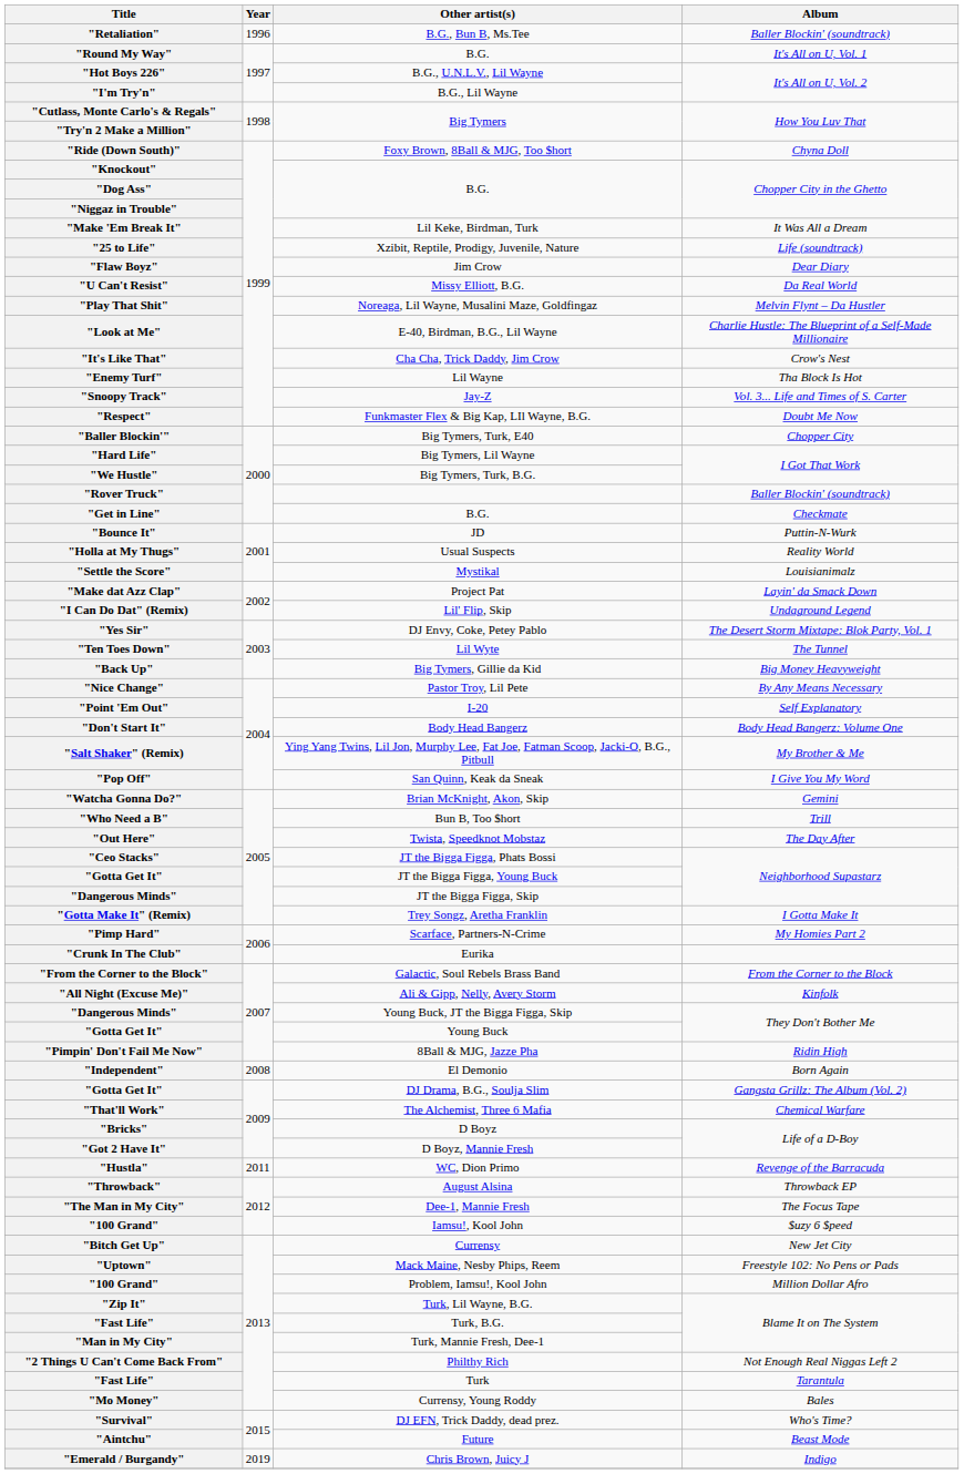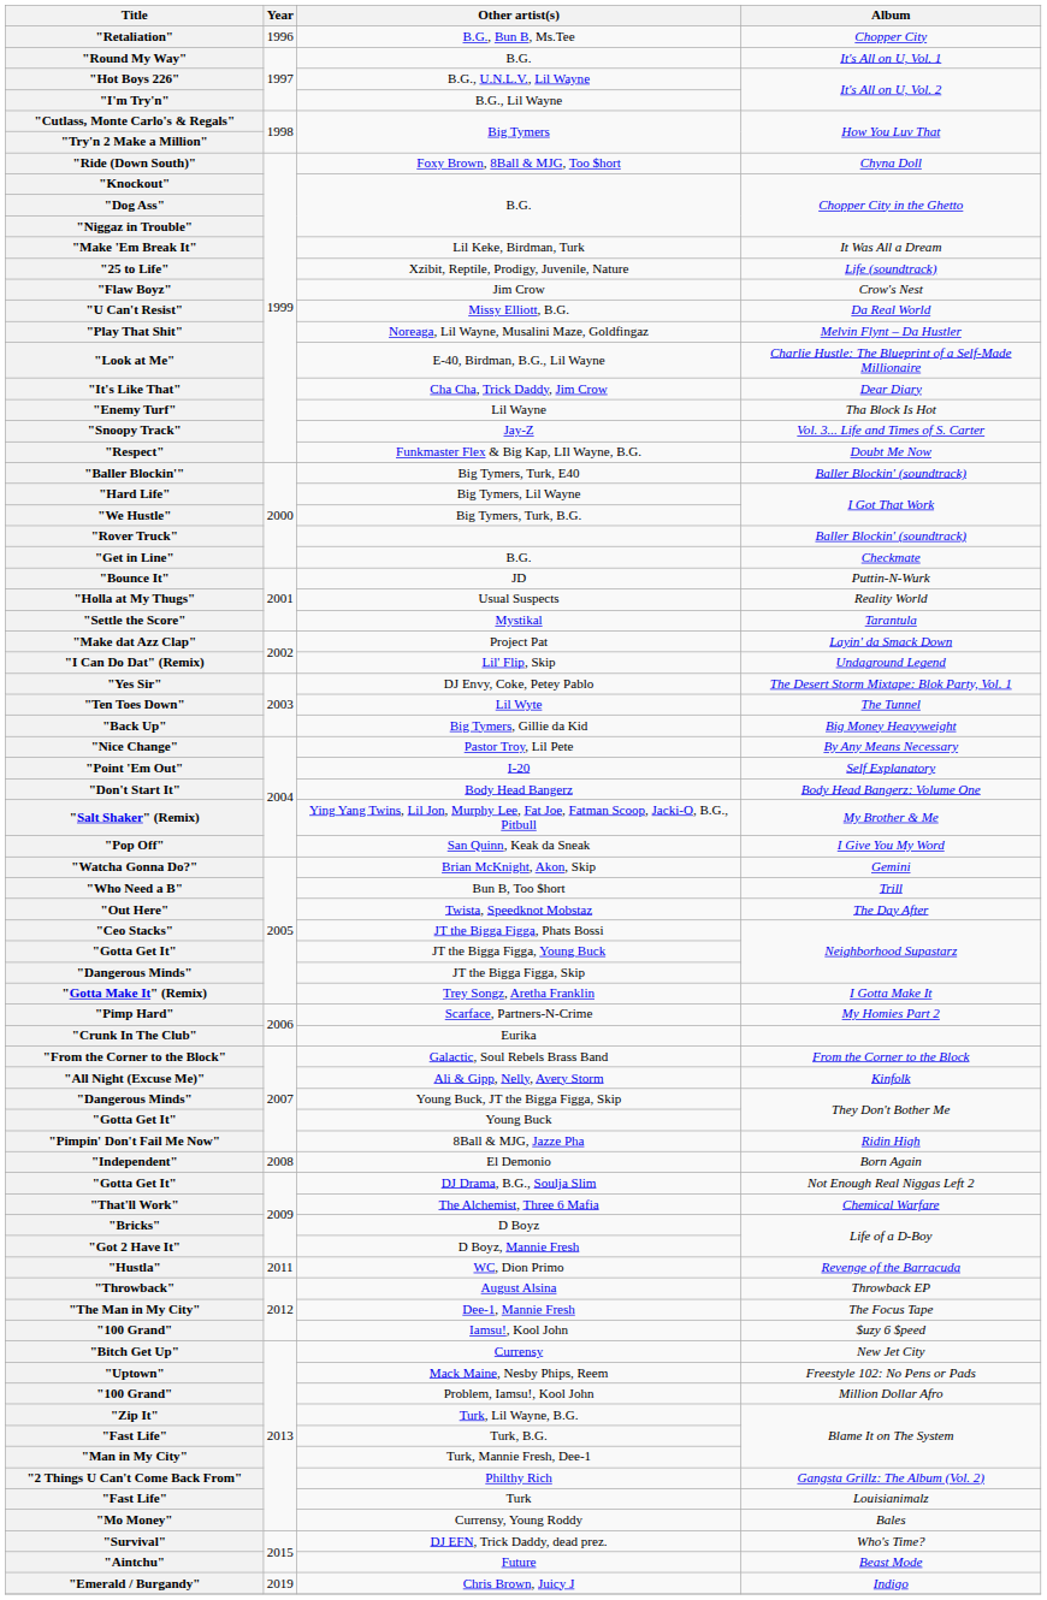 <table class="wikitable plainrowheaders" style="text-align:center;" border="1">
 <tr>
 <th scope="col" style="width:19em;">Title</th>
 <th scope="col">Year</th>
 <th scope="col">Other artist(s)</th>
 <th scope="col">Album</th>
 </tr>
 <tr>
 <th scope="row">"Retaliation"</th>
 <td>1996</td>
 <td><a href='#'>B.G.</a>, <a href='#'>Bun B</a>, Ms.Tee</td>
-<td><a href='#'><em>Baller Blockin' (soundtrack)</em></a></td>
+<td><em><a href='#'>Chopper City</a></em></td>
 </tr>
 <tr>
 <th scope="row">"Round My Way"</th>
 <td rowspan="3">1997</td>
 <td>B.G.</td>
 <td><em><a href='#'>It's All on U, Vol. 1</a></em></td>
 </tr>
 <tr>
 <th scope="row">"Hot Boys 226"</th>
 <td>B.G., <a href='#'>U.N.L.V.</a>, <a href='#'>Lil Wayne</a></td>
 <td rowspan="2"><em><a href='#'>It's All on U, Vol. 2</a></em></td>
 </tr>
 <tr>
 <th scope="row">"I'm Try'n"</th>
 <td>B.G., Lil Wayne</td>
 </tr>
 <tr>
 <th scope="row">"Cutlass, Monte Carlo's & Regals"</th>
 <td rowspan="2">1998</td>
 <td rowspan="2"><a href='#'>Big Tymers</a></td>
 <td rowspan="2"><em><a href='#'>How You Luv That</a></em></td>
 </tr>
 <tr>
 <th scope="row">"Try'n 2 Make a Million"</th>
 </tr>
 <tr>
 <th scope="row">"Ride (Down South)"</th>
 <td rowspan="14">1999</td>
 <td><a href='#'>Foxy Brown</a>, <a href='#'>8Ball & MJG</a>, <a href='#'>Too $hort</a></td>
 <td><em><a href='#'>Chyna Doll</a></em></td>
 </tr>
 <tr>
 <th scope="row">"Knockout"</th>
 <td rowspan="3">B.G.</td>
 <td rowspan="3"><em><a href='#'>Chopper City in the Ghetto</a></em></td>
 </tr>
 <tr>
 <th>"Dog Ass"</th>
 </tr>
 <tr>
 <th scope="row">"Niggaz in Trouble"</th>
 </tr>
 <tr>
 <th>"Make 'Em Break It"</th>
 <td>Lil Keke, Birdman, Turk</td>
 <td><em>It Was All a Dream</em></td>
 </tr>
 <tr>
 <th>"25 to Life"</th>
 <td>Xzibit, Reptile, Prodigy, Juvenile, Nature</td>
 <td><em><a href='#'>Life (soundtrack)</a></em></td>
 </tr>
 <tr>
 <th>"Flaw Boyz"</th>
 <td>Jim Crow</td>
-<td><em><a href='#'>Dear Diary</a></em></td>
+<td><em>Crow's Nest</em></td>
 </tr>
 <tr>
 <th scope="row">"U Can't Resist"</th>
 <td><a href='#'>Missy Elliott</a>, B.G.</td>
 <td><em><a href='#'>Da Real World</a></em></td>
 </tr>
 <tr>
 <th scope="row">"Play That Shit"</th>
 <td><a href='#'>Noreaga</a>, Lil Wayne, Musalini Maze, Goldfingaz</td>
 <td><em><a href='#'>Melvin Flynt – Da Hustler</a></em></td>
 </tr>
 <tr>
 <th>"Look at Me"</th>
 <td>E-40, Birdman, B.G., Lil Wayne</td>
 <td><em><a href='#'>Charlie Hustle: The Blueprint of a Self-Made Millionaire</a></em></td>
 </tr>
 <tr>
 <th scope="row">"It's Like That"</th>
 <td><a href='#'>Cha Cha</a>, <a href='#'>Trick Daddy</a>, <a href='#'>Jim Crow</a></td>
-<td><em>Crow's Nest</em></td>
+<td><em><a href='#'>Dear Diary</a></em></td>
 </tr>
 <tr>
 <th>"Enemy Turf"</th>
 <td>Lil Wayne</td>
 <td><em>Tha Block Is Hot</em></td>
 </tr>
 <tr>
 <th scope="row">"Snoopy Track"</th>
 <td><a href='#'>Jay-Z</a></td>
 <td><em><a href='#'>Vol. 3... Life and Times of S. Carter</a></em></td>
 </tr>
 <tr>
 <th>"Respect"</th>
 <td><a href='#'>Funkmaster Flex</a> & Big Kap, LIl Wayne, B.G.</td>
 <td><em><a href='#'>Doubt Me Now</a></em></td>
 </tr>
 <tr>
 <th>"Baller Blockin'"</th>
 <td rowspan="5">2000</td>
 <td>Big Tymers, Turk, E40</td>
-<td><em><a href='#'>Chopper City</a></em></td>
+<td><a href='#'><em>Baller Blockin' (soundtrack)</em></a></td>
 </tr>
 <tr>
 <th>"Hard Life"</th>
 <td>Big Tymers, Lil Wayne</td>
 <td rowspan="2"><em><a href='#'>I Got That Work</a></em></td>
 </tr>
 <tr>
 <th>"We Hustle"</th>
 <td>Big Tymers, Turk, B.G.</td>
 </tr>
 <tr>
 <th>"Rover Truck"</th>
 <td></td>
 <td><em><a href='#'>Baller Blockin' (soundtrack)</a></em></td>
 </tr>
 <tr>
 <th scope="row">"Get in Line"</th>
 <td>B.G.</td>
 <td><em><a href='#'>Checkmate</a></em></td>
 </tr>
 <tr>
 <th scope="row">"Bounce It"</th>
 <td rowspan="3">2001</td>
 <td>JD</td>
 <td><em>Puttin-N-Wurk</em></td>
 </tr>
 <tr>
 <th scope="row">"Holla at My Thugs"</th>
 <td>Usual Suspects</td>
 <td><em>Reality World</em></td>
 </tr>
 <tr>
 <th>"Settle the Score"</th>
 <td><a href='#'>Mystikal</a></td>
-<td><em>Louisianimalz</em></td>
+<td><a href='#'><em>Tarantula</em></a></td>
 </tr>
 <tr>
 <th>"Make dat Azz Clap"</th>
 <td rowspan="2">2002</td>
 <td>Project Pat</td>
 <td><em><a href='#'>Layin' da Smack Down</a></em></td>
 </tr>
 <tr>
 <th scope="row">"I Can Do Dat" (Remix)</th>
 <td><a href='#'>Lil' Flip</a>, Skip</td>
 <td><em><a href='#'>Undaground Legend</a></em></td>
 </tr>
 <tr>
 <th>"Yes Sir"</th>
 <td rowspan="3">2003</td>
 <td>DJ Envy, Coke, Petey Pablo</td>
 <td><em><a href='#'>The Desert Storm Mixtape: Blok Party, Vol. 1</a></em></td>
 </tr>
 <tr>
 <th>"Ten Toes Down"</th>
 <td><a href='#'>Lil Wyte</a></td>
 <td><a href='#'><em>The Tunnel</em></a></td>
 </tr>
 <tr>
 <th scope="row">"Back Up"</th>
 <td><a href='#'>Big Tymers</a>, Gillie da Kid</td>
 <td><em><a href='#'>Big Money Heavyweight</a></em></td>
 </tr>
 <tr>
 <th scope="row">"Nice Change"</th>
 <td rowspan="5">2004</td>
 <td><a href='#'>Pastor Troy</a>, Lil Pete</td>
 <td><em><a href='#'>By Any Means Necessary</a></em></td>
 </tr>
 <tr>
 <th scope="row">"Point 'Em Out"</th>
 <td><a href='#'>I-20</a></td>
 <td><em><a href='#'>Self Explanatory</a></em></td>
 </tr>
 <tr>
 <th scope="row">"Don't Start It"</th>
 <td><a href='#'>Body Head Bangerz</a></td>
 <td><em><a href='#'>Body Head Bangerz: Volume One</a></em></td>
 </tr>
 <tr>
 <th scope="row">"<a href='#'>Salt Shaker</a>" (Remix)</th>
 <td><a href='#'>Ying Yang Twins</a>, <a href='#'>Lil Jon</a>, <a href='#'>Murphy Lee</a>, <a href='#'>Fat Joe</a>, <a href='#'>Fatman Scoop</a>, <a href='#'>Jacki-O</a>, B.G., <a href='#'>Pitbull</a></td>
 <td><em><a href='#'>My Brother & Me</a></em></td>
 </tr>
 <tr>
 <th scope="row">"Pop Off"</th>
 <td><a href='#'>San Quinn</a>, Keak da Sneak</td>
 <td><em><a href='#'>I Give You My Word</a></em></td>
 </tr>
 <tr>
 <th scope="row">"Watcha Gonna Do?"</th>
 <td rowspan="7">2005</td>
 <td><a href='#'>Brian McKnight</a>, <a href='#'>Akon</a>, Skip</td>
 <td><em><a href='#'>Gemini</a></em></td>
 </tr>
 <tr>
 <th scope="row">"Who Need a B"</th>
 <td>Bun B, Too $hort</td>
 <td><em><a href='#'>Trill</a></em></td>
 </tr>
 <tr>
 <th scope="row">"Out Here"</th>
 <td><a href='#'>Twista</a>, <a href='#'>Speedknot Mobstaz</a></td>
 <td><em><a href='#'>The Day After</a></em></td>
 </tr>
 <tr>
 <th scope="row">"Ceo Stacks"</th>
 <td><a href='#'>JT the Bigga Figga</a>, Phats Bossi</td>
 <td rowspan="3"><em><a href='#'>Neighborhood Supastarz</a></em></td>
 </tr>
 <tr>
 <th scope="row">"Gotta Get It"</th>
 <td>JT the Bigga Figga, <a href='#'>Young Buck</a></td>
 </tr>
 <tr>
 <th scope="row">"Dangerous Minds"</th>
 <td>JT the Bigga Figga, Skip</td>
 </tr>
 <tr>
 <th scope="row">"<a href='#'>Gotta Make It</a>" (Remix)</th>
 <td><a href='#'>Trey Songz</a>, <a href='#'>Aretha Franklin</a></td>
 <td><em><a href='#'>I Gotta Make It</a></em></td>
 </tr>
 <tr>
 <th scope="row">"Pimp Hard"</th>
 <td rowspan="2">2006</td>
 <td><a href='#'>Scarface</a>, Partners-N-Crime</td>
 <td><em><a href='#'>My Homies Part 2</a></em></td>
 </tr>
 <tr>
 <th scope="row">"Crunk In The Club"</th>
 <td>Eurika</td>
 <td></td>
 </tr>
 <tr>
 <th scope="row">"From the Corner to the Block"</th>
 <td rowspan="5">2007</td>
 <td><a href='#'>Galactic</a>, Soul Rebels Brass Band</td>
 <td><em><a href='#'>From the Corner to the Block</a></em></td>
 </tr>
 <tr>
 <th scope="row">"All Night (Excuse Me)"</th>
 <td><a href='#'>Ali & Gipp</a>, <a href='#'>Nelly</a>, <a href='#'>Avery Storm</a></td>
 <td><em><a href='#'>Kinfolk</a></em></td>
 </tr>
 <tr>
 <th scope="row">"Dangerous Minds"</th>
 <td>Young Buck, JT the Bigga Figga, Skip</td>
 <td rowspan="2"><em>They Don't Bother Me</em></td>
 </tr>
 <tr>
 <th scope="row">"Gotta Get It"</th>
 <td>Young Buck</td>
 </tr>
 <tr>
 <th scope="row">"Pimpin' Don't Fail Me Now"</th>
 <td>8Ball & MJG, <a href='#'>Jazze Pha</a></td>
 <td><em><a href='#'>Ridin High</a></em></td>
 </tr>
 <tr>
 <th scope="row">"Independent"</th>
 <td>2008</td>
 <td>El Demonio</td>
 <td><em>Born Again</em></td>
 </tr>
 <tr>
 <th scope="row">"Gotta Get It"</th>
 <td rowspan="4">2009</td>
 <td><a href='#'>DJ Drama</a>, B.G., <a href='#'>Soulja Slim</a></td>
-<td><em><a href='#'>Gangsta Grillz: The Album (Vol. 2)</a></em></td>
+<td><em>Not Enough Real Niggas Left 2</em></td>
 </tr>
 <tr>
 <th scope="row">"That'll Work"</th>
 <td><a href='#'>The Alchemist</a>, <a href='#'>Three 6 Mafia</a></td>
 <td><em><a href='#'>Chemical Warfare</a></em></td>
 </tr>
 <tr>
 <th scope="row">"Bricks"</th>
 <td>D Boyz</td>
 <td rowspan="2"><em>Life of a D-Boy</em></td>
 </tr>
 <tr>
 <th scope="row">"Got 2 Have It"</th>
 <td>D Boyz, <a href='#'>Mannie Fresh</a></td>
 </tr>
 <tr>
 <th scope="row">"Hustla"</th>
 <td>2011</td>
 <td><a href='#'>WC</a>, Dion Primo</td>
 <td><em><a href='#'>Revenge of the Barracuda</a></em></td>
 </tr>
 <tr>
 <th scope="row">"Throwback"</th>
 <td rowspan="3">2012</td>
 <td><a href='#'>August Alsina</a></td>
 <td><em>Throwback EP</em></td>
 </tr>
 <tr>
 <th scope="row">"The Man in My City"</th>
 <td><a href='#'>Dee-1</a>, <a href='#'>Mannie Fresh</a></td>
 <td><em>The Focus Tape</em></td>
 </tr>
 <tr>
 <th scope="row">"100 Grand"</th>
 <td><a href='#'>Iamsu!</a>, Kool John</td>
 <td><em>$uzy 6 $peed</em></td>
 </tr>
 <tr>
 <th scope="row">"Bitch Get Up"</th>
 <td rowspan="9">2013</td>
 <td><a href='#'>Currensy</a></td>
 <td><em>New Jet City</em></td>
 </tr>
 <tr>
 <th scope="row">"Uptown"</th>
 <td><a href='#'>Mack Maine</a>, Nesby Phips, Reem</td>
 <td><em>Freestyle 102: No Pens or Pads</em></td>
 </tr>
 <tr>
 <th scope="row">"100 Grand"</th>
 <td>Problem, Iamsu!, Kool John</td>
 <td><em>Million Dollar Afro</em></td>
 </tr>
 <tr>
 <th scope="row">"Zip It"</th>
 <td><a href='#'>Turk</a>, Lil Wayne, B.G.</td>
 <td rowspan="3"><em>Blame It on The System</em></td>
 </tr>
 <tr>
 <th scope="row">"Fast Life"</th>
 <td>Turk, B.G.</td>
 </tr>
 <tr>
 <th scope="row">"Man in My City"</th>
 <td>Turk, Mannie Fresh, Dee-1</td>
 </tr>
 <tr>
 <th scope="row">"2 Things U Can't Come Back From"</th>
 <td><a href='#'>Philthy Rich</a></td>
-<td><em>Not Enough Real Niggas Left 2</em></td>
+<td><em><a href='#'>Gangsta Grillz: The Album (Vol. 2)</a></em></td>
 </tr>
 <tr>
 <th scope="row">"Fast Life"</th>
 <td>Turk</td>
-<td><a href='#'><em>Tarantula</em></a></td>
+<td><em>Louisianimalz</em></td>
 </tr>
 <tr>
 <th scope="row">"Mo Money"</th>
 <td>Currensy, Young Roddy</td>
 <td><em>Bales</em></td>
 </tr>
 <tr>
 <th>"Survival"</th>
 <td rowspan="2">2015</td>
 <td><a href='#'>DJ EFN</a>, Trick Daddy, dead prez.</td>
 <td><em>Who's Time?</em></td>
 </tr>
 <tr>
 <th scope="row">"Aintchu"</th>
 <td><a href='#'>Future</a></td>
 <td><em><a href='#'>Beast Mode</a></em></td>
 </tr>
 <tr>
 <th scope="row">"Emerald / Burgandy"</th>
 <td>2019</td>
 <td><a href='#'>Chris Brown</a>, <a href='#'>Juicy J</a></td>
 <td><em><a href='#'>Indigo</a></em></td>
 </tr>
 <tr>
 </tr>
 </table>
